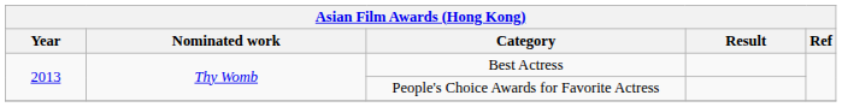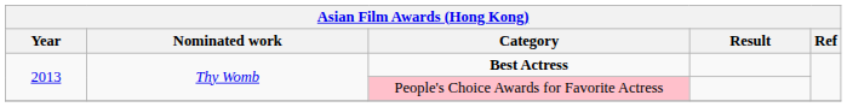 <table width="70%" class="wikitable sortable">
 <tr>
 <th colspan="5" align="center"><a href='#'>Asian Film Awards (Hong Kong)</a></th>
 </tr>
 <tr>
 <th width="10%">Year</th>
 <th width="35%">Nominated work</th>
 <th width="40%">Category</th>
 <th width="15%">Result</th>
 <th width="15%">Ref</th>
 </tr>
 <tr>
 <td rowspan = 2 align="center"><a href='#'>2013</a></td>
 <td rowspan = 2 align="center"><em><a href='#'>Thy Womb</a></em></td>
-<td align="center">Best Actress</td>
+<td align="center"><strong>Best Actress</strong></td>
 <td></td>
 <td rowspan = 2 align="center"></td>
 </tr>
 <tr>
-<td align="center">People's Choice Awards for Favorite Actress</td>
+<td align="center" style="background: pink;">People's Choice Awards for Favorite Actress</td>
 <td></td>
 </tr>
 <tr>
 </tr>
 </table>
